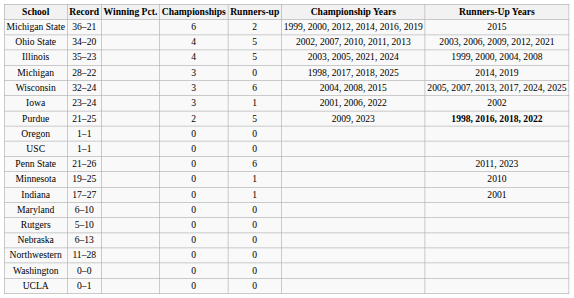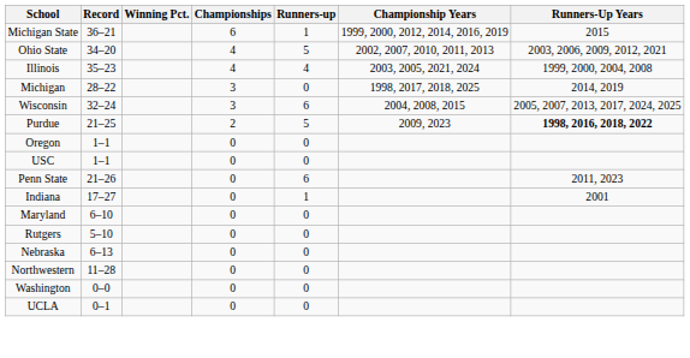 <table class="wikitable sortable" style="text-align:center">
 <tr>
 <th width=px>School</th>
 <th width=px>Record</th>
 <th width=px>Winning Pct.</th>
 <th width=px>Championships</th>
 <th width=px>Runners-up</th>
 <th width=px>Championship Years</th>
 <th width=px>Runners-Up Years</th>
 </tr>
 <tr>
 <td>Michigan State</td>
 <td>36–21</td>
 <td align=center></td>
 <td align=center>6</td>
-<td align=center>2</td>
+<td align=center>1</td>
 <td>1999, 2000, 2012, 2014, 2016, 2019</td>
 <td>2015</td>
 </tr>
 <tr>
 <td>Ohio State</td>
 <td>34–20</td>
 <td align=center></td>
 <td align=center>4</td>
 <td align=center>5</td>
 <td>2002, 2007, 2010, 2011, 2013</td>
 <td>2003, 2006, 2009, 2012, 2021</td>
 </tr>
 <tr>
 <td>Illinois</td>
 <td>35–23</td>
 <td align=center></td>
 <td align=center>4</td>
-<td align=center>5</td>
+<td align=center>4</td>
 <td>2003, 2005, 2021, 2024</td>
 <td>1999, 2000, 2004, 2008</td>
 </tr>
 <tr>
 <td>Michigan</td>
 <td>28–22</td>
 <td align=center></td>
 <td align=center>3</td>
 <td align=center>0</td>
 <td>1998, 2017, 2018, 2025</td>
 <td>2014, 2019</td>
 </tr>
 <tr>
 <td>Wisconsin</td>
 <td>32–24</td>
 <td align=center></td>
 <td align=center>3</td>
 <td align=center>6</td>
 <td>2004, 2008, 2015</td>
 <td>2005, 2007, 2013, 2017, 2024, 2025</td>
-</tr>
-<tr>
-<td>Iowa</td>
-<td>23–24</td>
-<td align=center></td>
-<td align=center>3</td>
-<td align=center>1</td>
-<td>2001, 2006, 2022</td>
-<td>2002</td>
 </tr>
 <tr>
 <td>Purdue</td>
 <td>21–25</td>
 <td align=center></td>
 <td align=center>2</td>
 <td align=center>5</td>
 <td>2009, 2023</td>
 <td><strong>1998, 2016, 2018, 2022</strong></td>
 </tr>
 <tr>
 <td>Oregon</td>
 <td>1–1</td>
 <td align=center></td>
 <td align=center>0</td>
 <td align=center>0</td>
 <td></td>
 <td></td>
 </tr>
 <tr>
 <td>USC</td>
 <td>1–1</td>
 <td align=center></td>
 <td align=center>0</td>
 <td align=center>0</td>
 <td></td>
 <td></td>
 </tr>
 <tr>
 <td>Penn State</td>
 <td>21–26</td>
 <td align=center></td>
 <td align=center>0</td>
 <td align=center>6</td>
 <td></td>
 <td>2011, 2023</td>
-</tr>
-<tr>
-<td>Minnesota</td>
-<td>19–25</td>
-<td align=center></td>
-<td align=center>0</td>
-<td align=center>1</td>
-<td></td>
-<td>2010</td>
 </tr>
 <tr>
 <td>Indiana</td>
 <td>17–27</td>
 <td align=center></td>
 <td align=center>0</td>
 <td align=center>1</td>
 <td></td>
 <td>2001</td>
 </tr>
 <tr>
 <td>Maryland</td>
 <td>6–10</td>
 <td align=center></td>
 <td align=center>0</td>
 <td align=center>0</td>
 <td></td>
 <td></td>
 </tr>
 <tr>
 <td>Rutgers</td>
 <td>5–10</td>
 <td align=center></td>
 <td align=center>0</td>
 <td align=center>0</td>
 <td></td>
 <td></td>
 </tr>
 <tr>
 <td>Nebraska</td>
 <td>6–13</td>
 <td align=center></td>
 <td align=center>0</td>
 <td align=center>0</td>
 <td></td>
 <td></td>
 </tr>
 <tr>
 <td>Northwestern</td>
 <td>11–28</td>
 <td align=center></td>
 <td align=center>0</td>
 <td align=center>0</td>
 <td></td>
 <td></td>
 </tr>
 <tr>
 <td>Washington</td>
 <td>0–0</td>
 <td align=center></td>
 <td align=center>0</td>
 <td align=center>0</td>
 <td></td>
 <td></td>
 </tr>
 <tr>
 <td>UCLA</td>
 <td>0–1</td>
 <td align=center></td>
 <td align=center>0</td>
 <td align=center>0</td>
 <td></td>
 <td></td>
 </tr>
 </table>
